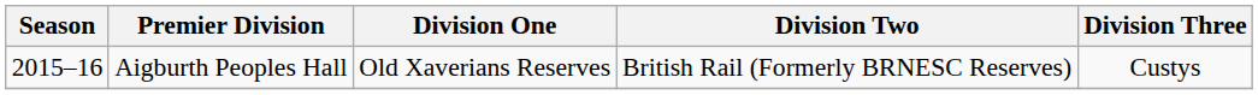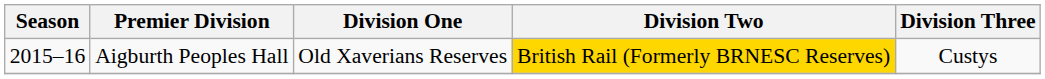 <table class="wikitable" style="text-align: center">
 <tr>
 <th>Season</th>
 <th>Premier Division</th>
 <th>Division One</th>
 <th>Division Two</th>
 <th>Division Three</th>
 </tr>
 <tr>
 <td>2015–16</td>
 <td>Aigburth Peoples Hall</td>
 <td>Old Xaverians Reserves</td>
-<td>British Rail (Formerly BRNESC Reserves)</td>
+<td style="background: gold;">British Rail (Formerly BRNESC Reserves)</td>
 <td>Custys</td>
 </tr>
 <tr>
 </tr>
 </table>
